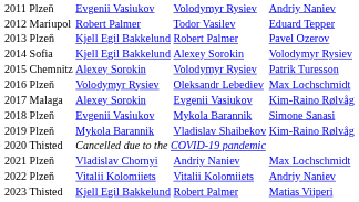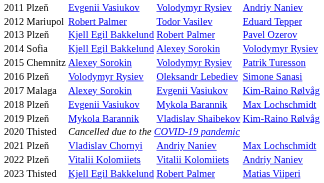 <table>
 <tr>
 <td>2011 Plzeň</td>
 <td> <a href='#'>Evgenii Vasiukov</a></td>
 <td> <a href='#'>Volodymyr Rysiev</a></td>
 <td> <a href='#'>Andriy Naniev</a></td>
 </tr>
 <tr>
 <td>2012 Mariupol</td>
 <td> <a href='#'>Robert Palmer</a></td>
 <td> <a href='#'>Todor Vasilev</a></td>
 <td> <a href='#'>Eduard Tepper</a></td>
 </tr>
 <tr>
 <td>2013 Plzeň</td>
 <td> <a href='#'>Kjell Egil Bakkelund</a></td>
 <td> <a href='#'>Robert Palmer</a></td>
 <td> <a href='#'>Pavel Ozerov</a></td>
 </tr>
 <tr>
 <td>2014 Sofia</td>
 <td> <a href='#'>Kjell Egil Bakkelund</a></td>
 <td> <a href='#'>Alexey Sorokin</a></td>
 <td> <a href='#'>Volodymyr Rysiev</a></td>
 </tr>
 <tr>
 <td>2015 Chemnitz</td>
 <td> <a href='#'>Alexey Sorokin</a></td>
 <td> <a href='#'>Volodymyr Rysiev</a></td>
 <td> <a href='#'>Patrik Turesson</a></td>
 </tr>
 <tr>
 <td>2016 Plzeň</td>
 <td> <a href='#'>Volodymyr Rysiev</a></td>
 <td> <a href='#'>Oleksandr Lebediev</a></td>
-<td> <a href='#'>Max Lochschmidt</a></td>
+<td> <a href='#'>Simone Sanasi</a></td>
 </tr>
 <tr>
 <td>2017 Malaga</td>
 <td> <a href='#'>Alexey Sorokin</a></td>
 <td> <a href='#'>Evgenii Vasiukov</a></td>
 <td> <a href='#'>Kim-Raino Rølvåg</a></td>
 </tr>
 <tr>
 <td>2018 Plzeň</td>
 <td> <a href='#'>Evgenii Vasiukov</a></td>
 <td> <a href='#'>Mykola Barannik</a></td>
-<td> <a href='#'>Simone Sanasi</a></td>
+<td> <a href='#'>Max Lochschmidt</a></td>
 </tr>
 <tr>
 <td>2019 Plzeň</td>
 <td> <a href='#'>Mykola Barannik</a></td>
 <td> <a href='#'>Vladislav Shaibekov</a></td>
 <td> <a href='#'>Kim-Raino Rølvåg</a></td>
 </tr>
 <tr>
 <td>2020 Thisted</td>
 <td colspan=3><em>Cancelled due to the <a href='#'>COVID-19 pandemic</a></em></td>
 </tr>
 <tr>
 <td>2021 Plzeň</td>
 <td> <a href='#'>Vladislav Chornyi</a></td>
 <td> <a href='#'>Andriy Naniev</a></td>
 <td> <a href='#'>Max Lochschmidt</a></td>
 </tr>
 <tr>
 <td>2022 Plzeň</td>
 <td> <a href='#'>Vitalii Kolomiiets</a></td>
 <td> <a href='#'>Vitalii Kolomiiets</a></td>
 <td> <a href='#'>Andriy Naniev</a></td>
 </tr>
 <tr>
 <td>2023 Thisted</td>
 <td> <a href='#'>Kjell Egil Bakkelund</a></td>
 <td> <a href='#'>Robert Palmer</a></td>
 <td> <a href='#'>Matias Viiperi</a></td>
 </tr>
 </table>
